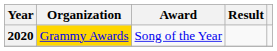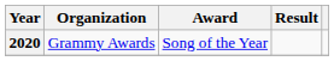 <table class="wikitable plainrowheaders">
 <tr>
 <th scope="col">Year</th>
 <th scope="col">Organization</th>
 <th scope="col">Award</th>
 <th scope="col">Result</th>
 <th scope="col"></th>
 </tr>
 <tr>
 <th scope="row">2020</th>
-<td style="background: gold;"><a href='#'>Grammy Awards</a></td>
+<td><a href='#'>Grammy Awards</a></td>
 <td><a href='#'>Song of the Year</a></td>
 <td></td>
 <td></td>
 </tr>
 <tr>
 </tr>
 </table>
